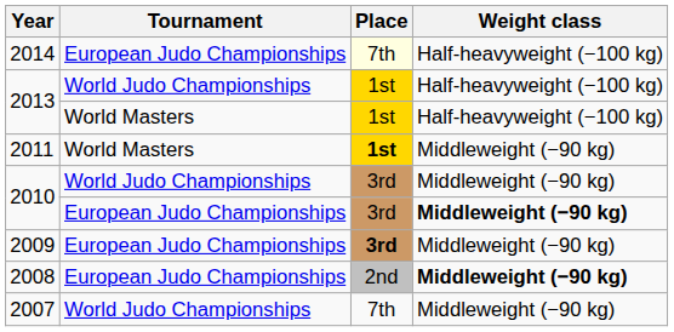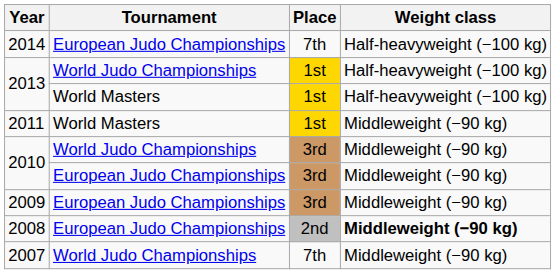 <table class=wikitable>
 <tr>
 <th>Year</th>
 <th>Tournament</th>
 <th>Place</th>
 <th>Weight class</th>
 </tr>
 <tr>
 <td>2014</td>
 <td><a href='#'>European Judo Championships</a></td>
-<td align="center" style="background: lightyellow;">7th</td>
+<td align="center">7th</td>
 <td>Half-heavyweight (−100 kg)</td>
 </tr>
 <tr>
 <td rowspan=2>2013</td>
 <td><a href='#'>World Judo Championships</a></td>
 <td bgcolor="gold" align="center">1st</td>
 <td>Half-heavyweight (−100 kg)</td>
 </tr>
 <tr>
 <td>World Masters</td>
 <td bgcolor="gold" align="center">1st</td>
 <td>Half-heavyweight (−100 kg)</td>
 </tr>
 <tr>
 <td>2011</td>
 <td>World Masters</td>
-<td bgcolor="gold" align="center"><strong>1st</strong></td>
+<td bgcolor="gold" align="center">1st</td>
 <td>Middleweight (−90 kg)</td>
 </tr>
 <tr>
 <td rowspan=2>2010</td>
 <td><a href='#'>World Judo Championships</a></td>
 <td bgcolor="cc9966" align="center">3rd</td>
 <td>Middleweight (−90 kg)</td>
 </tr>
 <tr>
 <td><a href='#'>European Judo Championships</a></td>
 <td bgcolor="cc9966" align="center">3rd</td>
-<td><strong>Middleweight (−90 kg)</strong></td>
+<td>Middleweight (−90 kg)</td>
 </tr>
 <tr>
 <td>2009</td>
 <td><a href='#'>European Judo Championships</a></td>
-<td bgcolor="cc9966" align="center"><strong>3rd</strong></td>
+<td bgcolor="cc9966" align="center">3rd</td>
 <td>Middleweight (−90 kg)</td>
 </tr>
 <tr>
 <td>2008</td>
 <td><a href='#'>European Judo Championships</a></td>
 <td bgcolor="silver" align="center">2nd</td>
 <td><strong>Middleweight (−90 kg)</strong></td>
 </tr>
 <tr>
 <td>2007</td>
 <td><a href='#'>World Judo Championships</a></td>
 <td align="center">7th</td>
 <td>Middleweight (−90 kg)</td>
 </tr>
 </table>
